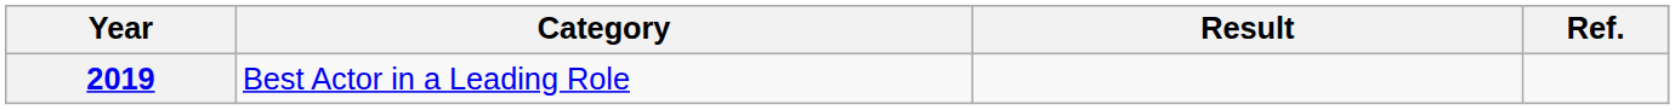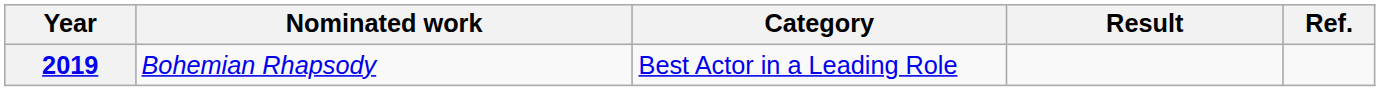 <table class="wikitable">
 <tr>
 <th width=2%>Year</th>
+<th width=11%>Nominated work</th>
 <th width=8%>Category</th>
 <th width=6%>Result</th>
 <th width=1%>Ref.</th>
 </tr>
 <tr>
 <th scope=row><a href='#'>2019</a></th>
+<td><em><a href='#'>Bohemian Rhapsody</a></em></td>
 <td><a href='#'>Best Actor in a Leading Role</a></td>
 <td></td>
 <td style="text-align:center;"></td>
 </tr>
 </table>
